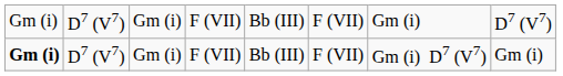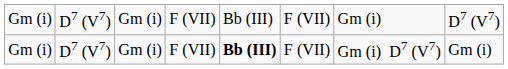 <table class="wikitable">
 <tr>
 <td>Gm (i)</td>
 <td>D<sup>7</sup> (V<sup>7</sup>)</td>
 <td>Gm (i)</td>
 <td>F (VII)</td>
 <td>Bb (III)</td>
 <td>F (VII)</td>
 <td>Gm (i)</td>
 <td>D<sup>7</sup> (V<sup>7</sup>)</td>
 </tr>
 <tr>
-<td><strong>Gm (i)</strong></td>
+<td>Gm (i)</td>
 <td>D<sup>7</sup> (V<sup>7</sup>)</td>
 <td>Gm (i)</td>
 <td>F (VII)</td>
-<td>Bb (III)</td>
+<td><strong>Bb (III)</strong></td>
 <td>F (VII)</td>
 <td>Gm (i)  D<sup>7</sup> (V<sup>7</sup>)</td>
 <td>Gm (i)</td>
 </tr>
 </table>
